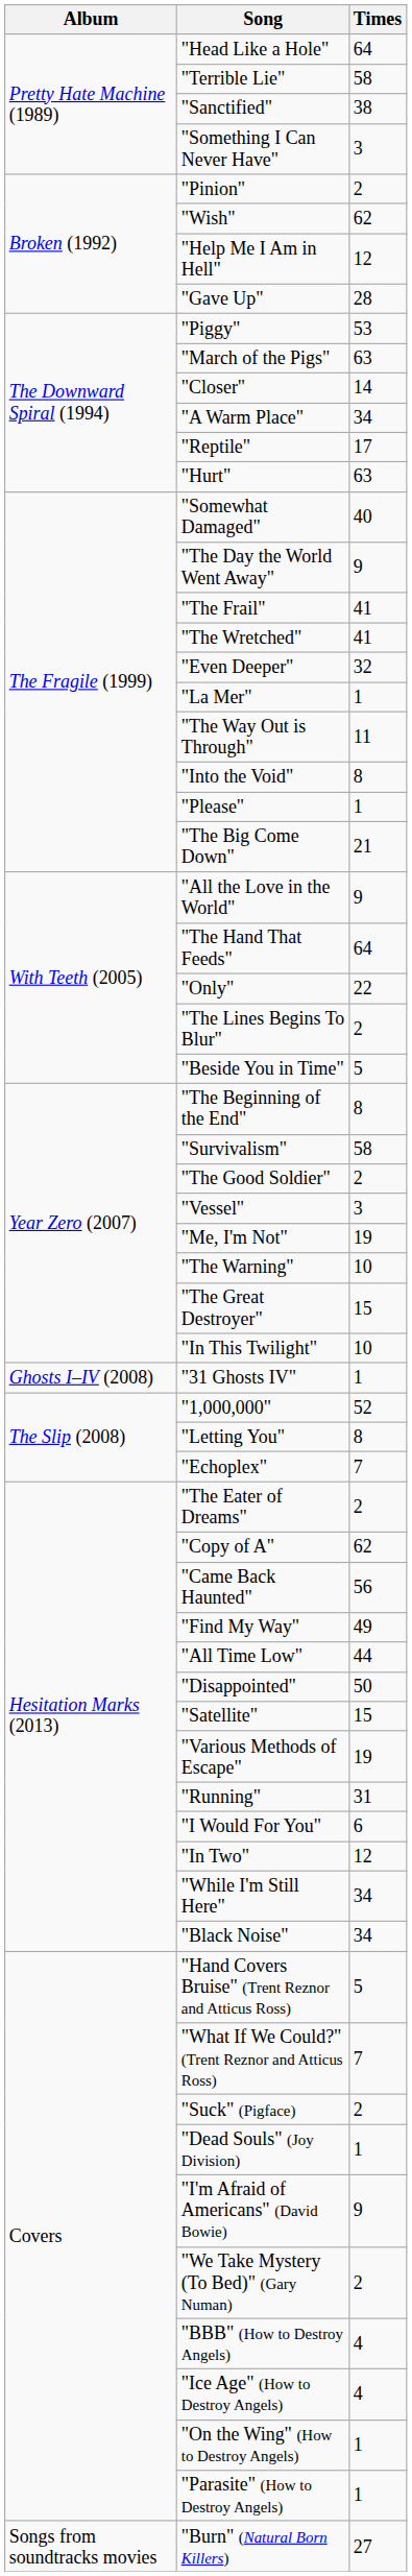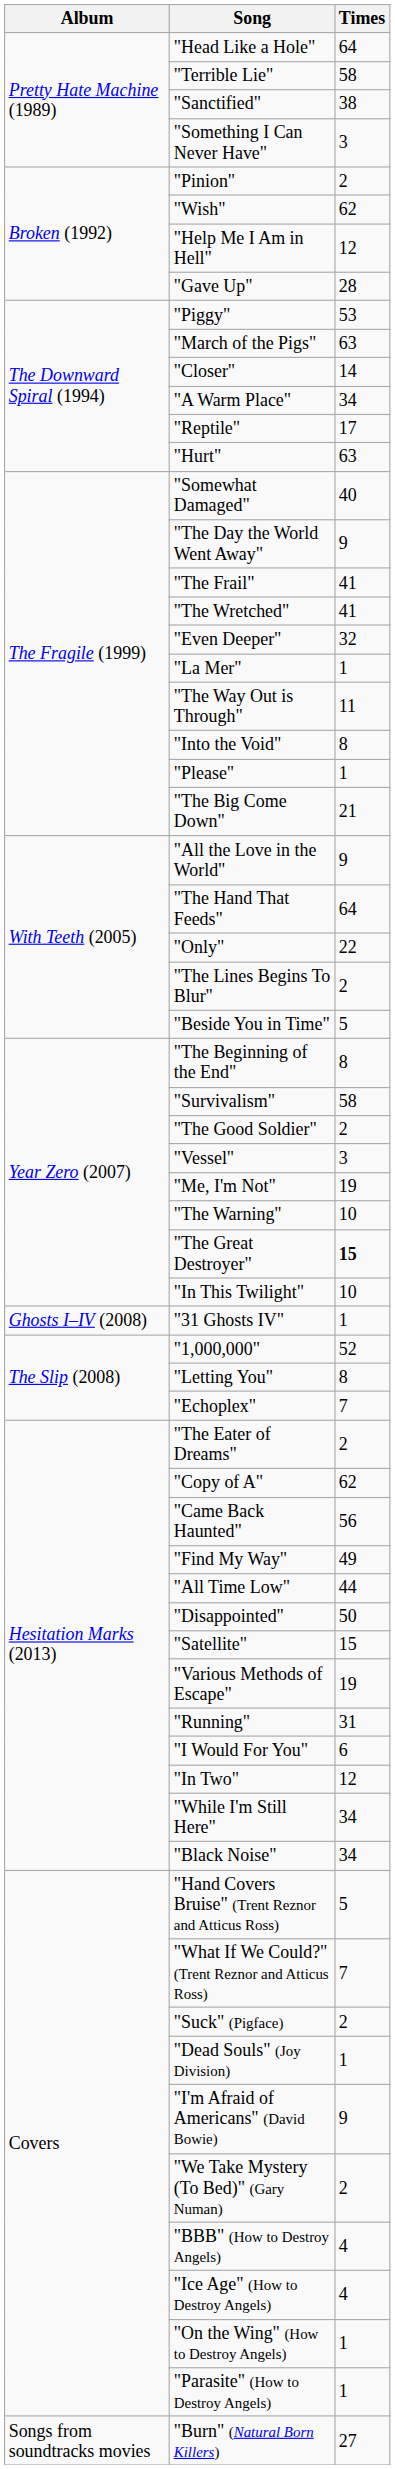 <table class="wikitable sortable">
 <tr>
 <th style="width:140px;">Album</th>
 <th style="width:140px;">Song</th>
 <th style="width:20px;">Times</th>
 </tr>
 <tr>
 <td rowspan="4"><em><a href='#'>Pretty Hate Machine</a></em> (1989)</td>
 <td>"Head Like a Hole"</td>
 <td>64</td>
 </tr>
 <tr>
 <td>"Terrible Lie"</td>
 <td>58</td>
 </tr>
 <tr>
 <td>"Sanctified"</td>
 <td>38</td>
 </tr>
 <tr>
 <td>"Something I Can Never Have"</td>
 <td>3</td>
 </tr>
 <tr>
 <td rowspan="4"><em><a href='#'>Broken</a></em> (1992)</td>
 <td>"Pinion"</td>
 <td>2</td>
 </tr>
 <tr>
 <td>"Wish"</td>
 <td>62</td>
 </tr>
 <tr>
 <td>"Help Me I Am in Hell"</td>
 <td>12</td>
 </tr>
 <tr>
 <td>"Gave Up"</td>
 <td>28</td>
 </tr>
 <tr>
 <td rowspan="6"><em><a href='#'>The Downward Spiral</a></em> (1994)</td>
 <td>"Piggy"</td>
 <td>53</td>
 </tr>
 <tr>
 <td>"March of the Pigs"</td>
 <td>63</td>
 </tr>
 <tr>
 <td>"Closer"</td>
 <td>14</td>
 </tr>
 <tr>
 <td>"A Warm Place"</td>
 <td>34</td>
 </tr>
 <tr>
 <td>"Reptile"</td>
 <td>17</td>
 </tr>
 <tr>
 <td>"Hurt"</td>
 <td>63</td>
 </tr>
 <tr>
 <td rowspan="10"><em><a href='#'>The Fragile</a></em> (1999)</td>
 <td>"Somewhat Damaged"</td>
 <td>40</td>
 </tr>
 <tr>
 <td>"The Day the World Went Away"</td>
 <td>9</td>
 </tr>
 <tr>
 <td>"The Frail"</td>
 <td>41</td>
 </tr>
 <tr>
 <td>"The Wretched"</td>
 <td>41</td>
 </tr>
 <tr>
 <td>"Even Deeper"</td>
 <td>32</td>
 </tr>
 <tr>
 <td>"La Mer"</td>
 <td>1</td>
 </tr>
 <tr>
 <td>"The Way Out is Through"</td>
 <td>11</td>
 </tr>
 <tr>
 <td>"Into the Void"</td>
 <td>8</td>
 </tr>
 <tr>
 <td>"Please"</td>
 <td>1</td>
 </tr>
 <tr>
 <td>"The Big Come Down"</td>
 <td>21</td>
 </tr>
 <tr>
 <td rowspan="5"><em><a href='#'>With Teeth</a></em> (2005)</td>
 <td>"All the Love in the World"</td>
 <td>9</td>
 </tr>
 <tr>
 <td>"The Hand That Feeds"</td>
 <td>64</td>
 </tr>
 <tr>
 <td>"Only"</td>
 <td>22</td>
 </tr>
 <tr>
 <td>"The Lines Begins To Blur"</td>
 <td>2</td>
 </tr>
 <tr>
 <td>"Beside You in Time"</td>
 <td>5</td>
 </tr>
 <tr>
 <td rowspan="8"><em><a href='#'>Year Zero</a></em> (2007)</td>
 <td>"The Beginning of the End"</td>
 <td>8</td>
 </tr>
 <tr>
 <td>"Survivalism"</td>
 <td>58</td>
 </tr>
 <tr>
 <td>"The Good Soldier"</td>
 <td>2</td>
 </tr>
 <tr>
 <td>"Vessel"</td>
 <td>3</td>
 </tr>
 <tr>
 <td>"Me, I'm Not"</td>
 <td>19</td>
 </tr>
 <tr>
 <td>"The Warning"</td>
 <td>10</td>
 </tr>
 <tr>
 <td>"The Great Destroyer"</td>
-<td>15</td>
+<td><strong>15</strong></td>
 </tr>
 <tr>
 <td>"In This Twilight"</td>
 <td>10</td>
 </tr>
 <tr>
 <td rowspan="1"><em><a href='#'>Ghosts I–IV</a></em> (2008)</td>
 <td>"31 Ghosts IV"</td>
 <td>1</td>
 </tr>
 <tr>
 <td rowspan="3"><em><a href='#'>The Slip</a></em> (2008)</td>
 <td>"1,000,000"</td>
 <td>52</td>
 </tr>
 <tr>
 <td>"Letting You"</td>
 <td>8</td>
 </tr>
 <tr>
 <td>"Echoplex"</td>
 <td>7</td>
 </tr>
 <tr>
 <td rowspan="13"><em><a href='#'>Hesitation Marks</a></em> (2013)</td>
 <td>"The Eater of Dreams"</td>
 <td>2</td>
 </tr>
 <tr>
 <td>"Copy of A"</td>
 <td>62</td>
 </tr>
 <tr>
 <td>"Came Back Haunted"</td>
 <td>56</td>
 </tr>
 <tr>
 <td>"Find My Way"</td>
 <td>49</td>
 </tr>
 <tr>
 <td>"All Time Low"</td>
 <td>44</td>
 </tr>
 <tr>
 <td>"Disappointed"</td>
 <td>50</td>
 </tr>
 <tr>
 <td>"Satellite"</td>
 <td>15</td>
 </tr>
 <tr>
 <td>"Various Methods of Escape"</td>
 <td>19</td>
 </tr>
 <tr>
 <td>"Running"</td>
 <td>31</td>
 </tr>
 <tr>
 <td>"I Would For You"</td>
 <td>6</td>
 </tr>
 <tr>
 <td>"In Two"</td>
 <td>12</td>
 </tr>
 <tr>
 <td>"While I'm Still Here"</td>
 <td>34</td>
 </tr>
 <tr>
 <td>"Black Noise"</td>
 <td>34</td>
 </tr>
 <tr>
 <td rowspan="10">Covers</td>
 <td>"Hand Covers Bruise" <small>(Trent Reznor and Atticus Ross)</small></td>
 <td>5</td>
 </tr>
 <tr>
 <td>"What If We Could?" <small>(Trent Reznor and Atticus Ross)</small></td>
 <td>7</td>
 </tr>
 <tr>
 <td>"Suck" <small>(Pigface)</small></td>
 <td>2</td>
 </tr>
 <tr>
 <td>"Dead Souls" <small>(Joy Division)</small></td>
 <td>1</td>
 </tr>
 <tr>
 <td>"I'm Afraid of Americans" <small>(David Bowie)</small></td>
 <td>9</td>
 </tr>
 <tr>
 <td>"We Take Mystery (To Bed)" <small>(Gary Numan)</small></td>
 <td>2</td>
 </tr>
 <tr>
 <td>"BBB" <small>(How to Destroy Angels)</small></td>
 <td>4</td>
 </tr>
 <tr>
 <td>"Ice Age" <small>(How to Destroy Angels)</small></td>
 <td>4</td>
 </tr>
 <tr>
 <td>"On the Wing" <small>(How to Destroy Angels)</small></td>
 <td>1</td>
 </tr>
 <tr>
 <td>"Parasite" <small>(How to Destroy Angels)</small></td>
 <td>1</td>
 </tr>
 <tr>
 <td rowspan="1">Songs from soundtracks movies</td>
 <td>"Burn" <small>(<em><a href='#'>Natural Born Killers</a></em>)</small></td>
 <td>27</td>
 </tr>
 <tr>
 </tr>
 </table>
